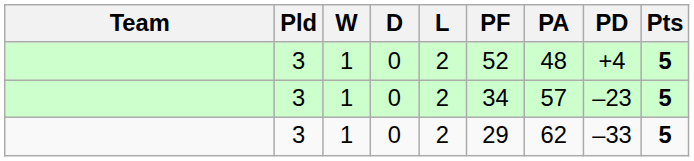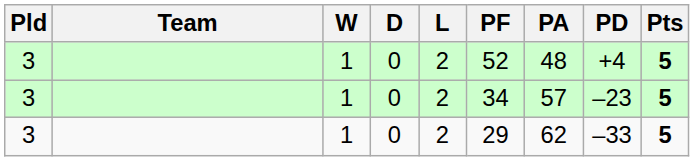 <table class="wikitable" style="text-align:center;">
 <tr>
+<th width=25 abbr="Played">Pld</th>
 <th width=175>Team</th>
-<th width=25 abbr="Played">Pld</th>
 <th width=25 abbr="Won">W</th>
 <th width=25 abbr="Drawn">D</th>
 <th width=25 abbr="Lost">L</th>
 <th width=32 abbr="Points for">PF</th>
 <th width=32 abbr="Points against">PA</th>
 <th width=32 abbr="Points difference">PD</th>
 <th width=25 abbr="Points">Pts</th>
 </tr>
 <tr bgcolor=ccffcc>
+<td>3</td>
 <td align=left></td>
-<td>3</td>
 <td>1</td>
 <td>0</td>
 <td>2</td>
 <td>52</td>
 <td>48</td>
 <td>+4</td>
 <td><strong>5</strong></td>
 </tr>
 <tr bgcolor=ccffcc>
+<td>3</td>
 <td align=left></td>
-<td>3</td>
 <td>1</td>
 <td>0</td>
 <td>2</td>
 <td>34</td>
 <td>57</td>
 <td>–23</td>
 <td><strong>5</strong></td>
 </tr>
 <tr>
+<td>3</td>
 <td align=left></td>
-<td>3</td>
 <td>1</td>
 <td>0</td>
 <td>2</td>
 <td>29</td>
 <td>62</td>
 <td>–33</td>
 <td><strong>5</strong></td>
 </tr>
 </table>
